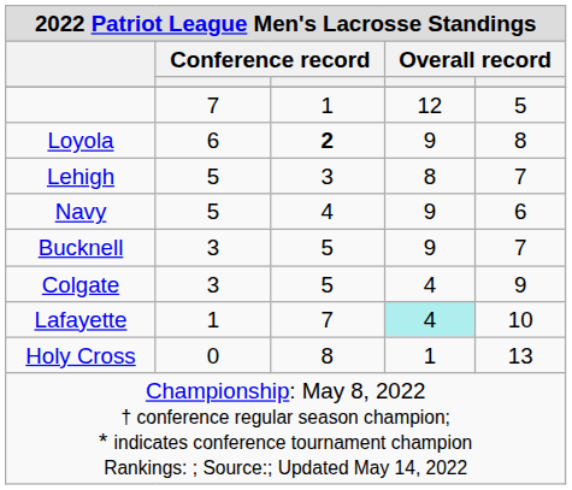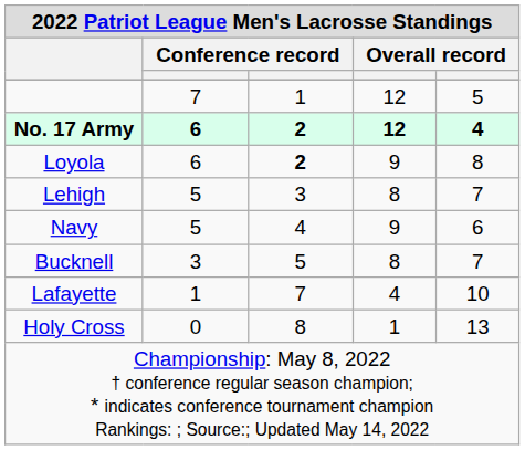 <table class=wikitable style="text-align:center; font-size:95%;" width=30%>
 <tr>
 <th colspan="5" style="background-color: gainsboro">2022 <a href='#'>Patriot League</a> Men's Lacrosse Standings</th>
 </tr>
 <tr>
 <th rowspan="2" width="5%"></th>
 <th colspan="2">Conference record</th>
 <th colspan="2">Overall record</th>
 </tr>
 <tr>
 <th width="5%"></th>
 <th width="5%"></th>
 <th width="5%"></th>
 <th width="5%"></th>
 </tr>
 <tr>
 </tr>
 <tr>
 <td></td>
 <td>7</td>
 <td>1</td>
 <td>12</td>
 <td>5</td>
+</tr>
+<tr bgcolor=D8FFEB>
+<td><strong>No. 17 Army</strong></td>
+<td><strong>6</strong></td>
+<td><strong>2</strong></td>
+<td><strong>12</strong></td>
+<td><strong>4</strong></td>
 </tr>
 <tr>
 <td><a href='#'>Loyola</a></td>
 <td>6</td>
 <td><strong>2</strong></td>
 <td>9</td>
 <td>8</td>
 </tr>
 <tr>
 <td><a href='#'>Lehigh</a></td>
 <td>5</td>
 <td>3</td>
 <td>8</td>
 <td>7</td>
 </tr>
 <tr>
 <td><a href='#'>Navy</a></td>
 <td>5</td>
 <td>4</td>
 <td>9</td>
 <td>6</td>
 </tr>
 <tr>
 <td><a href='#'>Bucknell</a></td>
 <td>3</td>
 <td>5</td>
-<td>9</td>
+<td>8</td>
 <td>7</td>
-</tr>
-<tr>
-<td><a href='#'>Colgate</a></td>
-<td>3</td>
-<td>5</td>
-<td>4</td>
-<td>9</td>
 </tr>
 <tr>
 <td><a href='#'>Lafayette</a></td>
 <td>1</td>
 <td>7</td>
-<td style="background: paleturquoise;">4</td>
+<td>4</td>
 <td>10</td>
 </tr>
 <tr>
 <td><a href='#'>Holy Cross</a></td>
 <td>0</td>
 <td>8</td>
 <td>1</td>
 <td>13</td>
 </tr>
 <tr>
 <td colspan=5 style="text-align:center;"><a href='#'>Championship</a>: May 8, 2022<br><small>† conference regular season champion;</small><br> * <small>indicates conference tournament champion</small><br> <small>Rankings: ; Source:; Updated May 14, 2022</small></td>
 </tr>
 </table>
